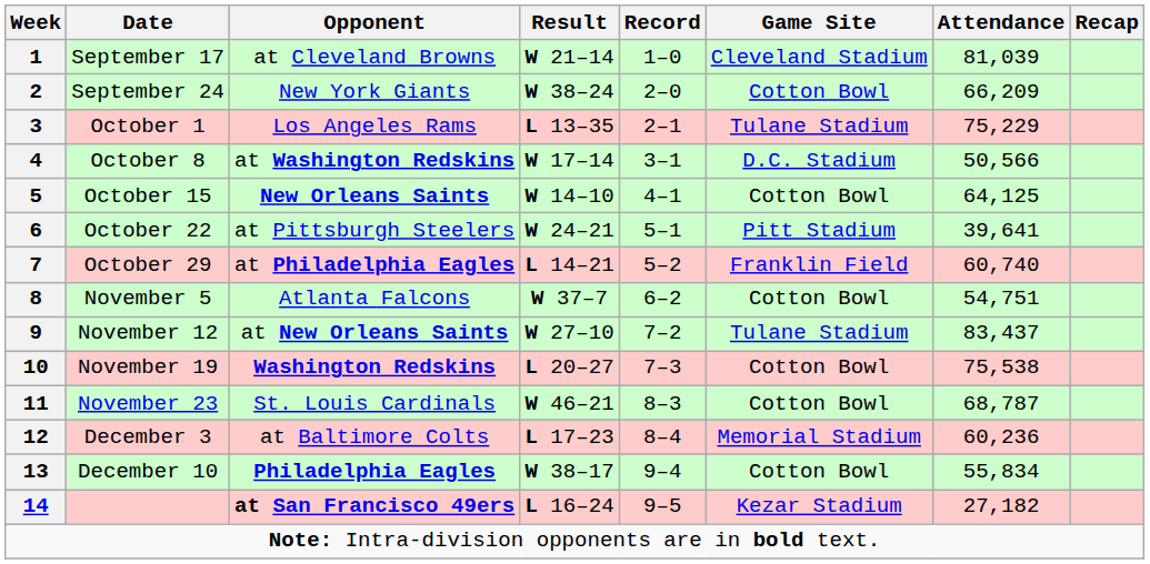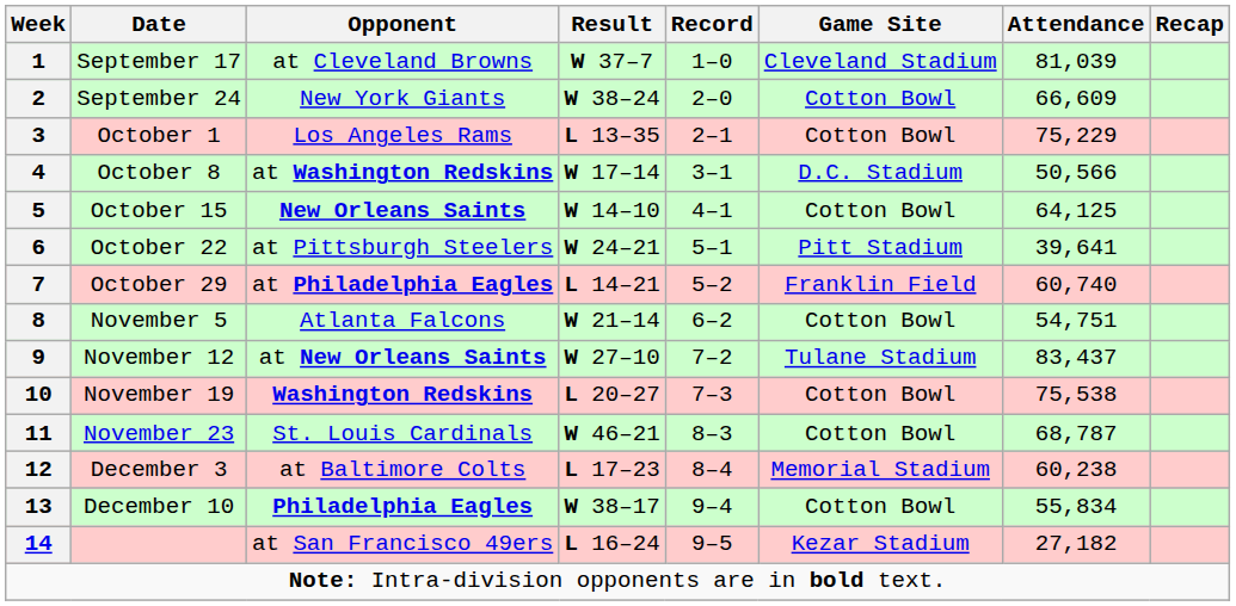 <table class="wikitable" style="text-align:center">
 <tr>
 <th>Week</th>
 <th>Date</th>
 <th>Opponent</th>
 <th>Result</th>
 <th>Record</th>
 <th>Game Site</th>
 <th>Attendance</th>
 <th>Recap</th>
 </tr>
 <tr style="background:#cfc">
 <th>1</th>
 <td>September 17</td>
 <td>at <a href='#'>Cleveland Browns</a></td>
-<td><strong>W</strong> 21–14</td>
+<td><strong>W</strong> 37–7</td>
 <td>1–0</td>
 <td><a href='#'>Cleveland Stadium</a></td>
 <td>81,039</td>
 <td></td>
 </tr>
 <tr style="background:#cfc">
 <th>2</th>
 <td>September 24</td>
 <td><a href='#'>New York Giants</a></td>
 <td><strong>W</strong> 38–24</td>
 <td>2–0</td>
 <td><a href='#'>Cotton Bowl</a></td>
-<td>66,209</td>
+<td>66,609</td>
 <td></td>
 </tr>
 <tr style="background:#fcc">
 <th>3</th>
 <td>October 1</td>
 <td><a href='#'>Los Angeles Rams</a></td>
 <td><strong>L</strong> 13–35</td>
 <td>2–1</td>
-<td><a href='#'>Tulane Stadium</a></td>
+<td>Cotton Bowl</td>
 <td>75,229</td>
 <td></td>
 </tr>
 <tr style="background:#cfc">
 <th>4</th>
 <td>October 8</td>
 <td>at <strong><a href='#'>Washington Redskins</a></strong></td>
 <td><strong>W</strong> 17–14</td>
 <td>3–1</td>
 <td><a href='#'>D.C. Stadium</a></td>
 <td>50,566</td>
 <td></td>
 </tr>
 <tr style="background:#cfc">
 <th>5</th>
 <td>October 15</td>
 <td><strong><a href='#'>New Orleans Saints</a></strong></td>
 <td><strong>W</strong> 14–10</td>
 <td>4–1</td>
 <td>Cotton Bowl</td>
 <td>64,125</td>
 <td></td>
 </tr>
 <tr style="background:#cfc">
 <th>6</th>
 <td>October 22</td>
 <td>at <a href='#'>Pittsburgh Steelers</a></td>
 <td><strong>W</strong> 24–21</td>
 <td>5–1</td>
 <td><a href='#'>Pitt Stadium</a></td>
 <td>39,641</td>
 <td></td>
 </tr>
 <tr style="background:#fcc">
 <th>7</th>
 <td>October 29</td>
 <td>at <strong><a href='#'>Philadelphia Eagles</a></strong></td>
 <td><strong>L</strong> 14–21</td>
 <td>5–2</td>
 <td><a href='#'>Franklin Field</a></td>
 <td>60,740</td>
 <td></td>
 </tr>
 <tr style="background:#cfc">
 <th>8</th>
 <td>November 5</td>
 <td><a href='#'>Atlanta Falcons</a></td>
-<td><strong>W</strong> 37–7</td>
+<td><strong>W</strong> 21–14</td>
 <td>6–2</td>
 <td>Cotton Bowl</td>
 <td>54,751</td>
 <td></td>
 </tr>
 <tr style="background:#cfc">
 <th>9</th>
 <td>November 12</td>
 <td>at <strong><a href='#'>New Orleans Saints</a></strong></td>
 <td><strong>W</strong> 27–10</td>
 <td>7–2</td>
 <td><a href='#'>Tulane Stadium</a></td>
 <td>83,437</td>
 <td></td>
 </tr>
 <tr style="background:#fcc">
 <th>10</th>
 <td>November 19</td>
 <td><strong><a href='#'>Washington Redskins</a></strong></td>
 <td><strong>L</strong> 20–27</td>
 <td>7–3</td>
 <td>Cotton Bowl</td>
 <td>75,538</td>
 <td></td>
 </tr>
 <tr style="background:#cfc">
 <th>11</th>
 <td><a href='#'>November 23</a></td>
 <td><a href='#'>St. Louis Cardinals</a></td>
 <td><strong>W</strong> 46–21</td>
 <td>8–3</td>
 <td>Cotton Bowl</td>
 <td>68,787</td>
 <td></td>
 </tr>
 <tr style="background:#fcc">
 <th>12</th>
 <td>December 3</td>
 <td>at <a href='#'>Baltimore Colts</a></td>
 <td><strong>L</strong> 17–23</td>
 <td>8–4</td>
 <td><a href='#'>Memorial Stadium</a></td>
-<td>60,236</td>
+<td>60,238</td>
 <td></td>
 </tr>
 <tr style="background:#cfc">
 <th>13</th>
 <td>December 10</td>
 <td><strong><a href='#'>Philadelphia Eagles</a></strong></td>
 <td><strong>W</strong> 38–17</td>
 <td>9–4</td>
 <td>Cotton Bowl</td>
 <td>55,834</td>
 <td></td>
 </tr>
 <tr style="background:#fcc">
 <th><a href='#'>14</a></th>
 <td></td>
-<td><strong>at <a href='#'>San Francisco 49ers</a></strong></td>
+<td>at <a href='#'>San Francisco 49ers</a></td>
 <td><strong>L</strong> 16–24</td>
 <td>9–5</td>
 <td><a href='#'>Kezar Stadium</a></td>
 <td>27,182</td>
 <td></td>
 </tr>
 <tr>
 <td colspan="8"><strong>Note:</strong> Intra-division opponents are in <strong>bold</strong> text.</td>
 </tr>
 </table>
